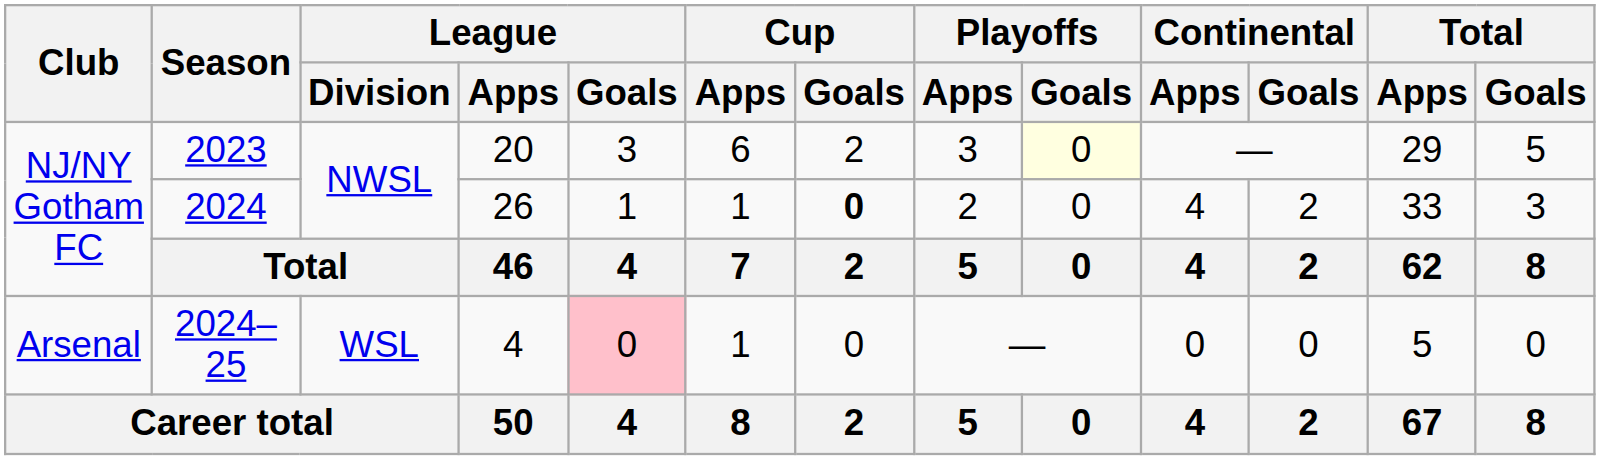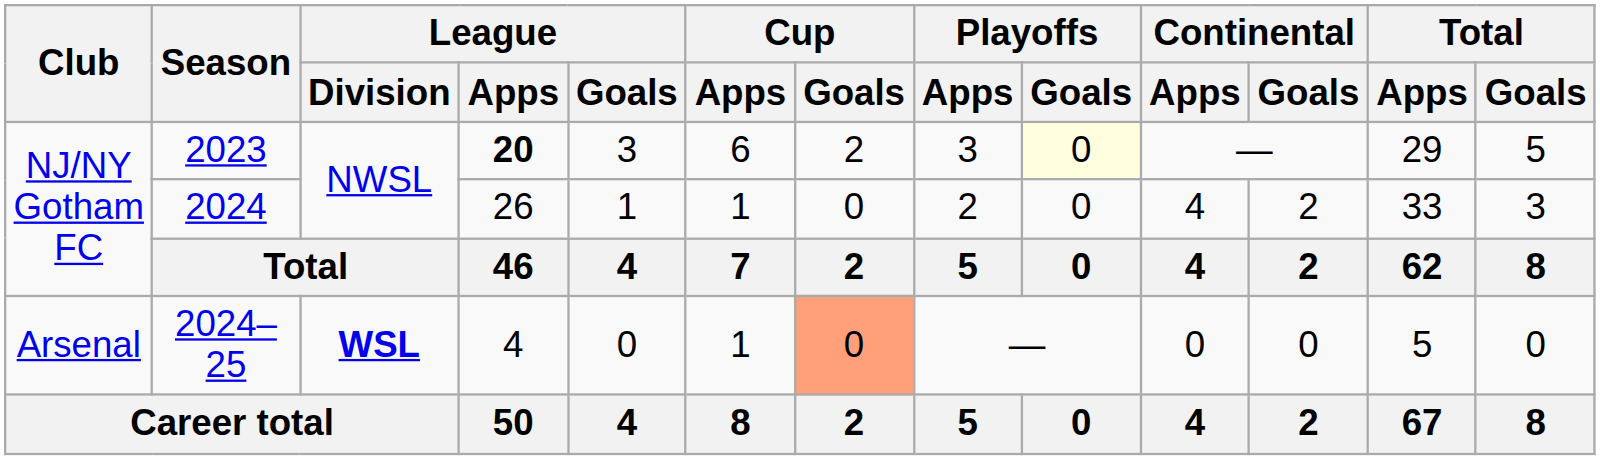 <table class="wikitable" style="text-align: center;">
 <tr>
 <th rowspan=2 scope="col">Club</th>
 <th rowspan=2 scope="col">Season</th>
 <th colspan=3 scope="col">League</th>
 <th colspan=2 scope="col">Cup</th>
 <th colspan=2 scope="col">Playoffs</th>
 <th colspan=2 scope="col">Continental</th>
 <th colspan=2 scope="col">Total</th>
 </tr>
 <tr>
 <th>Division</th>
 <th>Apps</th>
 <th>Goals</th>
 <th>Apps</th>
 <th>Goals</th>
 <th>Apps</th>
 <th>Goals</th>
 <th>Apps</th>
 <th>Goals</th>
 <th>Apps</th>
 <th>Goals</th>
 </tr>
 <tr>
 <td rowspan="3"><a href='#'>NJ/NY Gotham FC</a></td>
 <td><a href='#'>2023</a></td>
 <td rowspan="2"><a href='#'>NWSL</a></td>
-<td>20</td>
+<td><strong>20</strong></td>
 <td>3</td>
 <td>6</td>
 <td>2</td>
 <td>3</td>
 <td style="background: lightyellow;">0</td>
 <td colspan="2">—</td>
 <td>29</td>
 <td>5</td>
 </tr>
 <tr>
 <td><a href='#'>2024</a></td>
 <td>26</td>
 <td>1</td>
 <td>1</td>
-<td><strong>0</strong></td>
+<td>0</td>
 <td>2</td>
 <td>0</td>
 <td>4</td>
 <td>2</td>
 <td>33</td>
 <td>3</td>
 </tr>
 <tr>
 <th colspan=2>Total</th>
 <th>46</th>
 <th>4</th>
 <th>7</th>
 <th>2</th>
 <th>5</th>
 <th>0</th>
 <th>4</th>
 <th>2</th>
 <th>62</th>
 <th>8</th>
 </tr>
 <tr>
 <td><a href='#'>Arsenal</a></td>
 <td><a href='#'>2024–25</a></td>
-<td><a href='#'>WSL</a></td>
+<td><strong><a href='#'>WSL</a></strong></td>
 <td>4</td>
-<td style="background: pink;">0</td>
+<td>0</td>
 <td>1</td>
-<td>0</td>
+<td style="background: lightsalmon;">0</td>
 <td colspan="2">—</td>
 <td>0</td>
 <td>0</td>
 <td>5</td>
 <td>0</td>
 </tr>
 <tr>
 <th colspan=3>Career total</th>
 <th>50</th>
 <th>4</th>
 <th>8</th>
 <th>2</th>
 <th>5</th>
 <th>0</th>
 <th>4</th>
 <th>2</th>
 <th>67</th>
 <th>8</th>
 </tr>
 </table>
